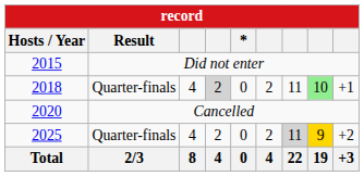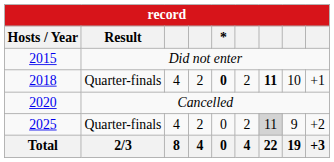 <table class="wikitable mw-collapsible" style="text-align: center;font-size:100%;">
 <tr>
 <th colspan="9" style="background: #D7141A; color: white;"><a href='#'></a> record</th>
 </tr>
 <tr>
 <th>Hosts / Year</th>
 <th>Result</th>
 <th width=20></th>
 <th width=20></th>
 <th width=20>*</th>
 <th width=20></th>
 <th width=20></th>
 <th width=20></th>
 <th width=20></th>
 </tr>
 <tr>
 <td> <a href='#'>2015</a></td>
 <td colspan=9><em>Did not enter</em></td>
 </tr>
 <tr>
 <td> <a href='#'>2018</a></td>
 <td>Quarter-finals</td>
 <td>4</td>
-<td style="background: lightgrey;">2</td>
-<td>0</td>
 <td>2</td>
-<td>11</td>
-<td style="background: lightgreen;">10</td>
+<td><strong>0</strong></td>
+<td>2</td>
+<td><strong>11</strong></td>
+<td>10</td>
 <td>+1</td>
 </tr>
 <tr>
 <td> <a href='#'>2020</a></td>
 <td colspan=9><em>Cancelled</em></td>
 </tr>
 <tr>
 <td> <a href='#'>2025</a></td>
 <td>Quarter-finals</td>
 <td>4</td>
 <td>2</td>
 <td>0</td>
 <td>2</td>
 <td style="background: lightgrey;">11</td>
-<td style="background: gold;">9</td>
+<td>9</td>
 <td>+2</td>
 </tr>
 <tr>
 <th><strong>Total</strong></th>
 <th>2/3</th>
 <th>8</th>
 <th>4</th>
 <th>0</th>
 <th>4</th>
 <th>22</th>
 <th>19</th>
 <th>+3</th>
 </tr>
 </table>
